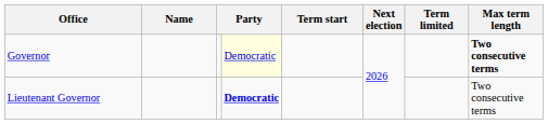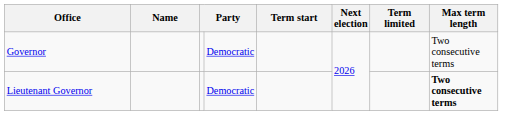 <table class="sortable wikitable">
 <tr>
 <th scope="col" width=190>Office</th>
 <th scope="col" width=100>Name</th>
 <th scope="col" width=75 colspan=2>Party</th>
 <th scope="col" width=110>Term start</th>
 <th scope="col" width=50>Next election</th>
 <th scope="col" width=85>Term limited</th>
 <th scope="col" width=100>Max term length</th>
 </tr>
 <tr>
 <td><a href='#'>Governor</a></td>
 <td></td>
 <td style="background-color:"></td>
-<td style="background: lightyellow;"><a href='#'>Democratic</a></td>
+<td><a href='#'>Democratic</a></td>
 <td></td>
 <td rowspan=2><a href='#'>2026</a></td>
 <td></td>
-<td><strong>Two consecutive terms</strong></td>
+<td>Two consecutive terms</td>
 </tr>
 <tr>
 <td><a href='#'>Lieutenant Governor</a></td>
 <td></td>
 <td style="background-color:"></td>
-<td><strong><a href='#'>Democratic</a></strong></td>
+<td><a href='#'>Democratic</a></td>
 <td></td>
 <td></td>
-<td>Two consecutive terms</td>
+<td><strong>Two consecutive terms</strong></td>
 </tr>
 </table>
